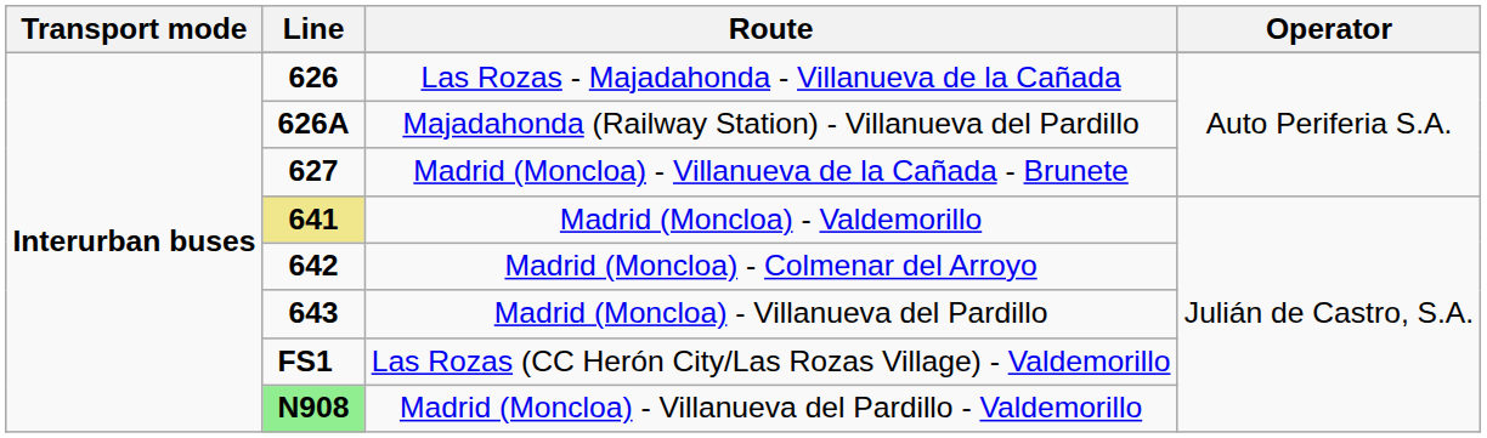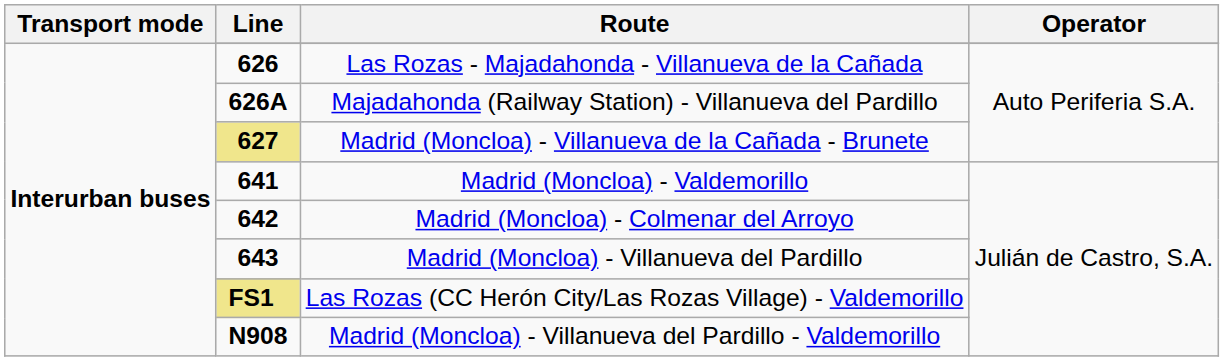 <table class="wikitable">
 <tr>
 <th>Transport mode</th>
 <th>Line</th>
 <th>Route</th>
 <th>Operator</th>
 </tr>
 <tr align="center">
 <td rowspan="9"><strong>  Interurban buses</strong></td>
 </tr>
 <tr align="center">
 <td><span><strong> 626 </strong></span></td>
 <td><a href='#'>Las Rozas</a> - <a href='#'>Majadahonda</a> - <a href='#'>Villanueva de la Cañada</a></td>
 <td rowspan="3">Auto Periferia S.A.</td>
 </tr>
 <tr align="center">
 <td><span><strong> 626A </strong></span></td>
 <td><a href='#'>Majadahonda</a> (Railway Station) - Villanueva del Pardillo</td>
 </tr>
 <tr align="center">
-<td><span><strong> 627 </strong></span></td>
+<td style="background: khaki;"><span><strong> 627 </strong></span></td>
 <td><a href='#'>Madrid (Moncloa)</a> - <a href='#'>Villanueva de la Cañada</a> - <a href='#'>Brunete</a></td>
 </tr>
 <tr align="center">
-<td style="background: khaki;"><span><strong> 641 </strong></span></td>
+<td><span><strong> 641 </strong></span></td>
 <td><a href='#'>Madrid (Moncloa)</a> - <a href='#'>Valdemorillo</a></td>
 <td rowspan="5">Julián de Castro, S.A.</td>
 </tr>
 <tr align="center">
 <td><span><strong> 642 </strong></span></td>
 <td><a href='#'>Madrid (Moncloa)</a> - <a href='#'>Colmenar del Arroyo</a></td>
 </tr>
 <tr align="center">
 <td><span><strong> 643 </strong></span></td>
 <td><a href='#'>Madrid (Moncloa)</a> - Villanueva del Pardillo</td>
 </tr>
 <tr>
-<td><span><strong> FS1 </strong></span></td>
+<td style="background: khaki;"><span><strong> FS1 </strong></span></td>
 <td><a href='#'>Las Rozas</a> (CC Herón City/Las Rozas Village) - <a href='#'>Valdemorillo</a></td>
 </tr>
 <tr align="center">
-<td style="background: lightgreen;"><span><strong> N908 </strong></span></td>
+<td><span><strong> N908 </strong></span></td>
 <td><a href='#'>Madrid (Moncloa)</a> - Villanueva del Pardillo - <a href='#'>Valdemorillo</a></td>
 </tr>
 </table>
